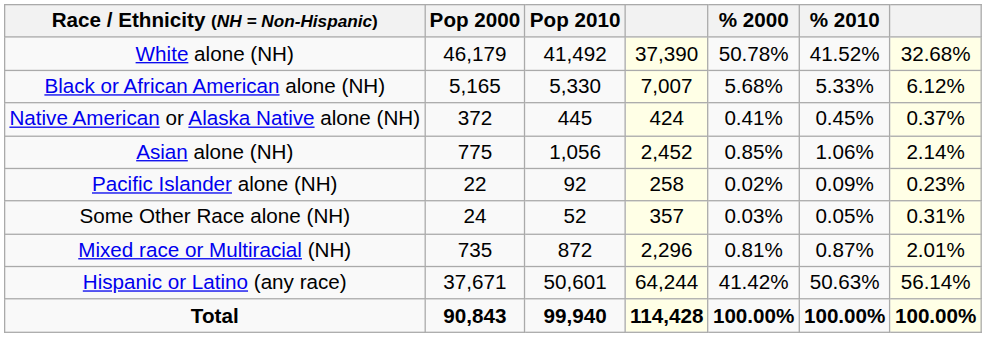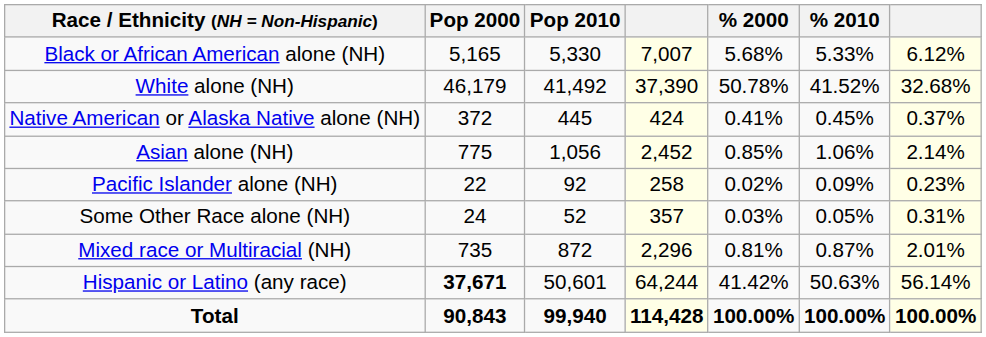 <table class="wikitable" style="text-align:center;">
 <tr>
 <th>Race / Ethnicity <small>(<em>NH = Non-Hispanic</em>)</small></th>
 <th>Pop 2000</th>
 <th>Pop 2010</th>
 <th></th>
 <th>% 2000</th>
 <th>% 2010</th>
 <th></th>
 </tr>
 <tr>
+<td><a href='#'>Black or African American</a> alone (NH)</td>
+<td>5,165</td>
+<td>5,330</td>
+<td style='background: #ffffe6;'>7,007</td>
+<td>5.68%</td>
+<td>5.33%</td>
+<td style='background: #ffffe6;'>6.12%</td>
+</tr>
+<tr>
 <td><a href='#'>White</a> alone (NH)</td>
 <td>46,179</td>
 <td>41,492</td>
 <td style='background: #ffffe6;'>37,390</td>
 <td>50.78%</td>
 <td>41.52%</td>
 <td style='background: #ffffe6;'>32.68%</td>
-</tr>
-<tr>
-<td><a href='#'>Black or African American</a> alone (NH)</td>
-<td>5,165</td>
-<td>5,330</td>
-<td style='background: #ffffe6;'>7,007</td>
-<td>5.68%</td>
-<td>5.33%</td>
-<td style='background: #ffffe6;'>6.12%</td>
 </tr>
 <tr>
 <td><a href='#'>Native American</a> or <a href='#'>Alaska Native</a> alone (NH)</td>
 <td>372</td>
 <td>445</td>
 <td style='background: #ffffe6;'>424</td>
 <td>0.41%</td>
 <td>0.45%</td>
 <td style='background: #ffffe6;'>0.37%</td>
 </tr>
 <tr>
 <td><a href='#'>Asian</a> alone (NH)</td>
 <td>775</td>
 <td>1,056</td>
 <td style='background: #ffffe6;'>2,452</td>
 <td>0.85%</td>
 <td>1.06%</td>
 <td style='background: #ffffe6;'>2.14%</td>
 </tr>
 <tr>
 <td><a href='#'>Pacific Islander</a> alone (NH)</td>
 <td>22</td>
 <td>92</td>
 <td style='background: #ffffe6;'>258</td>
 <td>0.02%</td>
 <td>0.09%</td>
 <td style='background: #ffffe6;'>0.23%</td>
 </tr>
 <tr>
 <td>Some Other Race alone (NH)</td>
 <td>24</td>
 <td>52</td>
 <td style='background: #ffffe6;'>357</td>
 <td>0.03%</td>
 <td>0.05%</td>
 <td style='background: #ffffe6;'>0.31%</td>
 </tr>
 <tr>
 <td><a href='#'>Mixed race or Multiracial</a> (NH)</td>
 <td>735</td>
 <td>872</td>
 <td style='background: #ffffe6;'>2,296</td>
 <td>0.81%</td>
 <td>0.87%</td>
 <td style='background: #ffffe6;'>2.01%</td>
 </tr>
 <tr>
 <td><a href='#'>Hispanic or Latino</a> (any race)</td>
-<td>37,671</td>
+<td><strong>37,671</strong></td>
 <td>50,601</td>
 <td style='background: #ffffe6;'>64,244</td>
 <td>41.42%</td>
 <td>50.63%</td>
 <td style='background: #ffffe6;'>56.14%</td>
 </tr>
 <tr>
 <td><strong>Total</strong></td>
 <td><strong>90,843</strong></td>
 <td><strong>99,940</strong></td>
 <td style='background: #ffffe6;'><strong>114,428</strong></td>
 <td><strong>100.00%</strong></td>
 <td><strong>100.00%</strong></td>
 <td style='background: #ffffe6;'><strong>100.00%</strong></td>
 </tr>
 </table>
